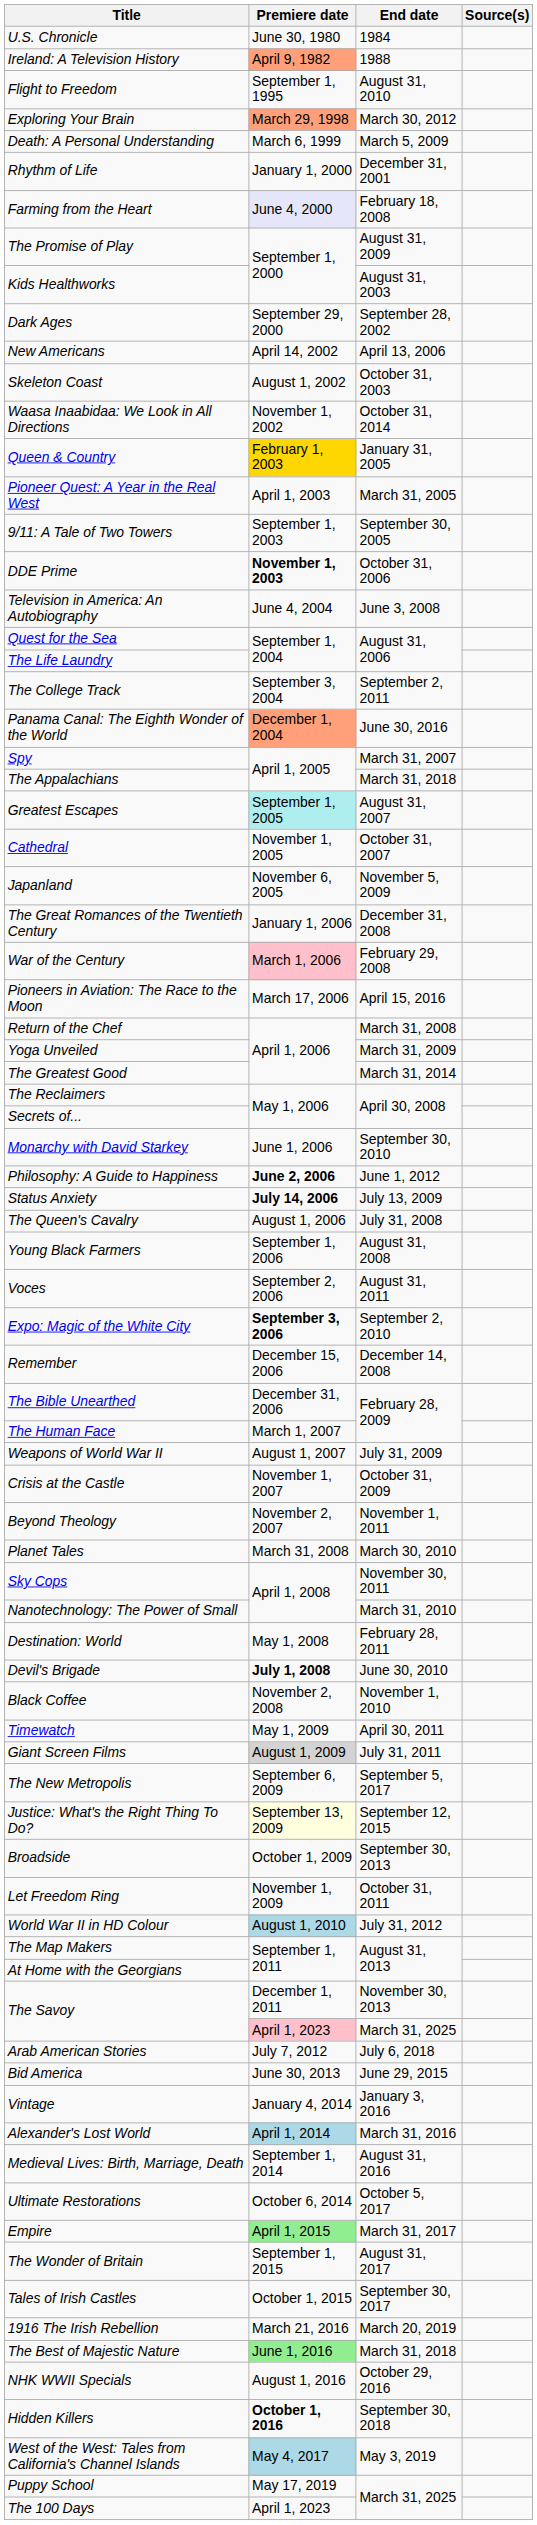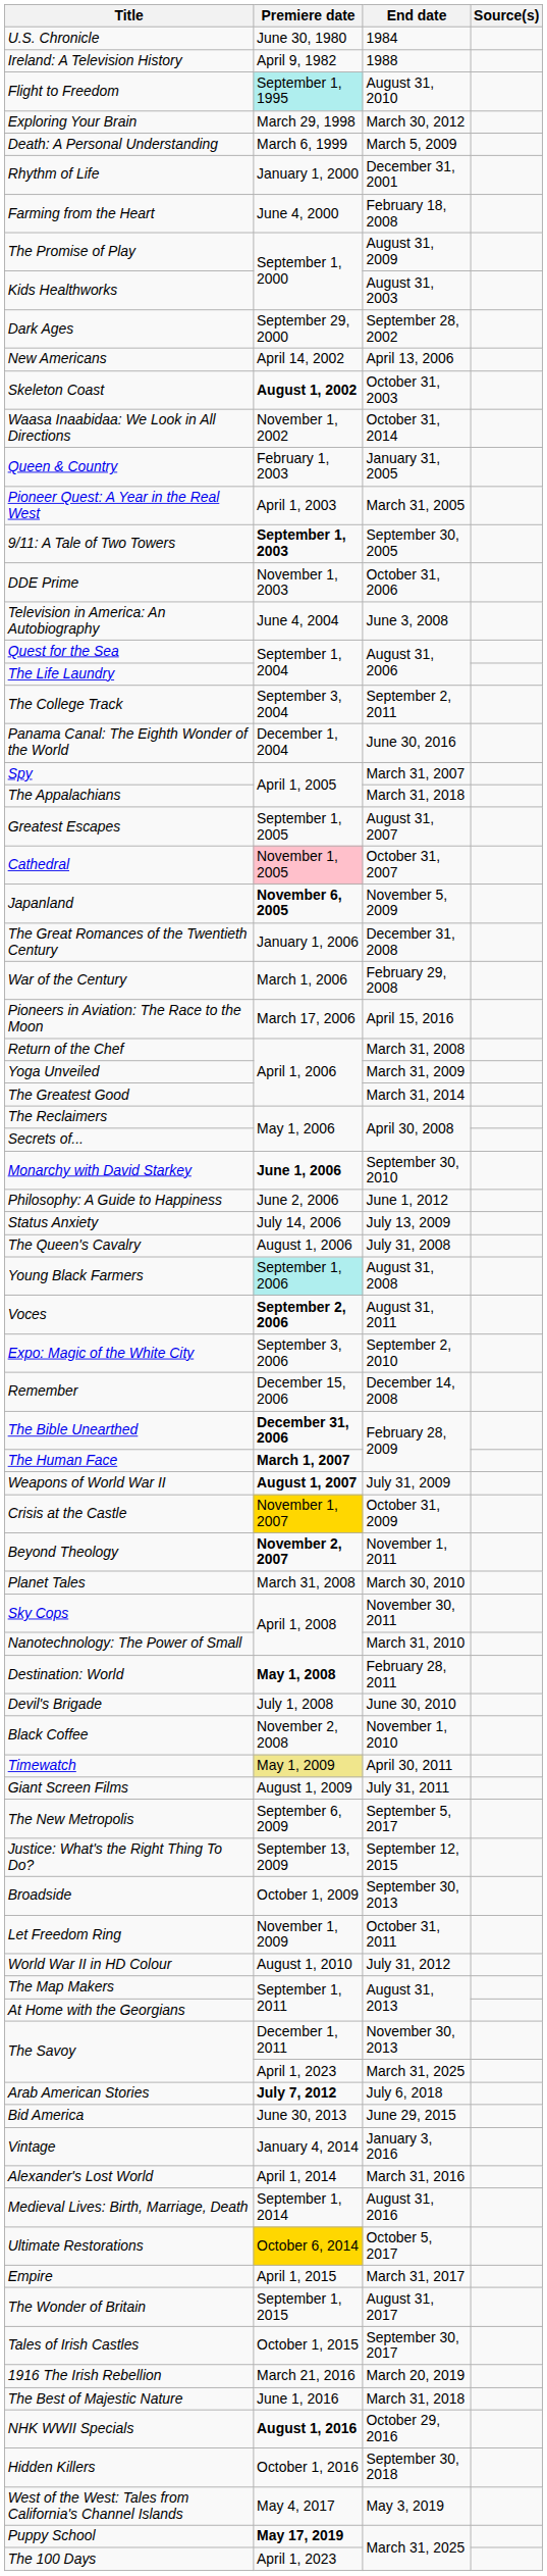 <table class="wikitable sortable">
 <tr>
 <th>Title</th>
 <th>Premiere date</th>
 <th>End date</th>
 <th>Source(s)</th>
 </tr>
 <tr>
 <td><em>U.S. Chronicle</em></td>
 <td>June 30, 1980</td>
 <td>1984</td>
 <td></td>
 </tr>
 <tr>
 <td><em>Ireland: A Television History</em></td>
-<td style="background: lightsalmon;">April 9, 1982</td>
+<td>April 9, 1982</td>
 <td>1988</td>
 <td></td>
 </tr>
 <tr>
 <td><em>Flight to Freedom</em></td>
-<td>September 1, 1995</td>
+<td style="background: paleturquoise;">September 1, 1995</td>
 <td>August 31, 2010</td>
 <td></td>
 </tr>
 <tr>
 <td><em>Exploring Your Brain</em></td>
-<td style="background: lightsalmon;">March 29, 1998</td>
+<td>March 29, 1998</td>
 <td>March 30, 2012</td>
 <td></td>
 </tr>
 <tr>
 <td><em>Death: A Personal Understanding</em></td>
 <td>March 6, 1999</td>
 <td>March 5, 2009</td>
 <td></td>
 </tr>
 <tr>
 <td><em>Rhythm of Life</em></td>
 <td>January 1, 2000</td>
 <td>December 31, 2001</td>
 <td></td>
 </tr>
 <tr>
 <td><em>Farming from the Heart</em></td>
-<td style="background: lavender;">June 4, 2000</td>
+<td>June 4, 2000</td>
 <td>February 18, 2008</td>
 <td></td>
 </tr>
 <tr>
 <td><em>The Promise of Play</em></td>
 <td rowspan="2">September 1, 2000</td>
 <td>August 31, 2009</td>
 <td></td>
 </tr>
 <tr>
 <td><em>Kids Healthworks</em></td>
 <td>August 31, 2003</td>
 <td></td>
 </tr>
 <tr>
 <td><em>Dark Ages</em></td>
 <td>September 29, 2000</td>
 <td>September 28, 2002</td>
 <td></td>
 </tr>
 <tr>
 <td><em>New Americans</em></td>
 <td>April 14, 2002</td>
 <td>April 13, 2006</td>
 <td></td>
 </tr>
 <tr>
 <td><em>Skeleton Coast</em></td>
-<td>August 1, 2002</td>
+<td><strong>August 1, 2002</strong></td>
 <td>October 31, 2003</td>
 <td></td>
 </tr>
 <tr>
 <td><em>Waasa Inaabidaa: We Look in All Directions</em></td>
 <td>November 1, 2002</td>
 <td>October 31, 2014</td>
 <td></td>
 </tr>
 <tr>
 <td><em><a href='#'>Queen & Country</a></em></td>
-<td style="background: gold;">February 1, 2003</td>
+<td>February 1, 2003</td>
 <td>January 31, 2005</td>
 <td></td>
 </tr>
 <tr>
 <td><em><a href='#'>Pioneer Quest: A Year in the Real West</a></em></td>
 <td>April 1, 2003</td>
 <td>March 31, 2005</td>
 <td></td>
 </tr>
 <tr>
 <td><em>9/11: A Tale of Two Towers</em></td>
-<td>September 1, 2003</td>
+<td><strong>September 1, 2003</strong></td>
 <td>September 30, 2005</td>
 <td></td>
 </tr>
 <tr>
 <td><em>DDE Prime</em></td>
-<td><strong>November 1, 2003</strong></td>
+<td>November 1, 2003</td>
 <td>October 31, 2006</td>
 <td></td>
 </tr>
 <tr>
 <td><em>Television in America: An Autobiography</em></td>
 <td>June 4, 2004</td>
 <td>June 3, 2008</td>
 <td></td>
 </tr>
 <tr>
 <td><em><a href='#'>Quest for the Sea</a></em></td>
 <td rowspan="2">September 1, 2004</td>
 <td rowspan="2">August 31, 2006</td>
 <td></td>
 </tr>
 <tr>
 <td><em><a href='#'>The Life Laundry</a></em></td>
 <td></td>
 </tr>
 <tr>
 <td><em>The College Track</em></td>
 <td>September 3, 2004</td>
 <td>September 2, 2011</td>
 <td></td>
 </tr>
 <tr>
 <td><em>Panama Canal: The Eighth Wonder of the World</em></td>
-<td style="background: lightsalmon;">December 1, 2004</td>
+<td>December 1, 2004</td>
 <td>June 30, 2016</td>
 <td></td>
 </tr>
 <tr>
 <td><em><a href='#'>Spy</a></em></td>
 <td rowspan="2">April 1, 2005</td>
 <td>March 31, 2007</td>
 <td></td>
 </tr>
 <tr>
 <td><em>The Appalachians</em></td>
 <td>March 31, 2018</td>
 <td></td>
 </tr>
 <tr>
 <td><em>Greatest Escapes</em></td>
-<td style="background: paleturquoise;">September 1, 2005</td>
+<td>September 1, 2005</td>
 <td>August 31, 2007</td>
 <td></td>
 </tr>
 <tr>
 <td><em><a href='#'>Cathedral</a></em></td>
-<td>November 1, 2005</td>
+<td style="background: pink;">November 1, 2005</td>
 <td>October 31, 2007</td>
 <td></td>
 </tr>
 <tr>
 <td><em>Japanland</em></td>
-<td>November 6, 2005</td>
+<td><strong>November 6, 2005</strong></td>
 <td>November 5, 2009</td>
 <td></td>
 </tr>
 <tr>
 <td><em>The Great Romances of the Twentieth Century</em></td>
 <td>January 1, 2006</td>
 <td>December 31, 2008</td>
 <td></td>
 </tr>
 <tr>
 <td><em>War of the Century</em></td>
-<td style="background: pink;">March 1, 2006</td>
+<td>March 1, 2006</td>
 <td>February 29, 2008</td>
 <td></td>
 </tr>
 <tr>
 <td><em>Pioneers in Aviation: The Race to the Moon</em></td>
 <td>March 17, 2006</td>
 <td>April 15, 2016</td>
 <td></td>
 </tr>
 <tr>
 <td><em>Return of the Chef</em></td>
 <td rowspan="3">April 1, 2006</td>
 <td>March 31, 2008</td>
 <td></td>
 </tr>
 <tr>
 <td><em>Yoga Unveiled</em></td>
 <td>March 31, 2009</td>
 <td></td>
 </tr>
 <tr>
 <td><em>The Greatest Good</em></td>
 <td>March 31, 2014</td>
 <td></td>
 </tr>
 <tr>
 <td><em>The Reclaimers</em></td>
 <td rowspan="2">May 1, 2006</td>
 <td rowspan=2>April 30, 2008</td>
 <td></td>
 </tr>
 <tr>
 <td><em>Secrets of...</em></td>
 <td></td>
 </tr>
 <tr>
 <td><em><a href='#'>Monarchy with David Starkey</a></em></td>
-<td>June 1, 2006</td>
+<td><strong>June 1, 2006</strong></td>
 <td>September 30, 2010</td>
 <td></td>
 </tr>
 <tr>
 <td><em>Philosophy: A Guide to Happiness</em></td>
-<td><strong>June 2, 2006</strong></td>
+<td>June 2, 2006</td>
 <td>June 1, 2012</td>
 <td></td>
 </tr>
 <tr>
 <td><em>Status Anxiety</em></td>
-<td><strong>July 14, 2006</strong></td>
+<td>July 14, 2006</td>
 <td>July 13, 2009</td>
 <td></td>
 </tr>
 <tr>
 <td><em>The Queen's Cavalry</em></td>
 <td>August 1, 2006</td>
 <td>July 31, 2008</td>
 <td></td>
 </tr>
 <tr>
 <td><em>Young Black Farmers</em></td>
-<td>September 1, 2006</td>
+<td style="background: paleturquoise;">September 1, 2006</td>
 <td>August 31, 2008</td>
 <td></td>
 </tr>
 <tr>
 <td><em>Voces</em></td>
-<td>September 2, 2006</td>
+<td><strong>September 2, 2006</strong></td>
 <td>August 31, 2011</td>
 <td></td>
 </tr>
 <tr>
 <td><em><a href='#'>Expo: Magic of the White City</a></em></td>
-<td><strong>September 3, 2006</strong></td>
+<td>September 3, 2006</td>
 <td>September 2, 2010</td>
 <td></td>
 </tr>
 <tr>
 <td><em>Remember</em></td>
 <td>December 15, 2006</td>
 <td>December 14, 2008</td>
 <td></td>
 </tr>
 <tr>
 <td><em><a href='#'>The Bible Unearthed</a></em></td>
-<td>December 31, 2006</td>
+<td><strong>December 31, 2006</strong></td>
 <td rowspan=2>February 28, 2009</td>
 <td></td>
 </tr>
 <tr>
 <td><em><a href='#'>The Human Face</a></em></td>
-<td>March 1, 2007</td>
+<td><strong>March 1, 2007</strong></td>
 <td></td>
 </tr>
 <tr>
 <td><em>Weapons of World War II</em></td>
-<td>August 1, 2007</td>
+<td><strong>August 1, 2007</strong></td>
 <td>July 31, 2009</td>
 <td></td>
 </tr>
 <tr>
 <td><em>Crisis at the Castle</em></td>
-<td>November 1, 2007</td>
+<td style="background: gold;">November 1, 2007</td>
 <td>October 31, 2009</td>
 <td></td>
 </tr>
 <tr>
 <td><em>Beyond Theology</em></td>
-<td>November 2, 2007</td>
+<td><strong>November 2, 2007</strong></td>
 <td>November 1, 2011</td>
 <td></td>
 </tr>
 <tr>
 <td><em>Planet Tales</em></td>
 <td>March 31, 2008</td>
 <td>March 30, 2010</td>
 <td></td>
 </tr>
 <tr>
 <td><em><a href='#'>Sky Cops</a></em></td>
 <td rowspan="2">April 1, 2008</td>
 <td>November 30, 2011</td>
 <td></td>
 </tr>
 <tr>
 <td><em>Nanotechnology: The Power of Small</em></td>
 <td>March 31, 2010</td>
 <td></td>
 </tr>
 <tr>
 <td><em>Destination: World</em></td>
-<td>May 1, 2008</td>
+<td><strong>May 1, 2008</strong></td>
 <td>February 28, 2011</td>
 <td></td>
 </tr>
 <tr>
 <td><em>Devil's Brigade</em></td>
-<td><strong>July 1, 2008</strong></td>
+<td>July 1, 2008</td>
 <td>June 30, 2010</td>
 <td></td>
 </tr>
 <tr>
 <td><em>Black Coffee</em></td>
 <td>November 2, 2008</td>
 <td>November 1, 2010</td>
 <td></td>
 </tr>
 <tr>
 <td><em><a href='#'>Timewatch</a></em></td>
-<td>May 1, 2009</td>
+<td style="background: khaki;">May 1, 2009</td>
 <td>April 30, 2011</td>
 <td></td>
 </tr>
 <tr>
 <td><em>Giant Screen Films</em></td>
-<td style="background: lightgrey;">August 1, 2009</td>
+<td>August 1, 2009</td>
 <td>July 31, 2011</td>
 <td></td>
 </tr>
 <tr>
 <td><em>The New Metropolis</em></td>
 <td>September 6, 2009</td>
 <td>September 5, 2017</td>
 <td></td>
 </tr>
 <tr>
 <td><em>Justice: What's the Right Thing To Do?</em></td>
-<td style="background: lightyellow;">September 13, 2009</td>
+<td>September 13, 2009</td>
 <td>September 12, 2015</td>
 <td></td>
 </tr>
 <tr>
 <td><em>Broadside</em></td>
 <td>October 1, 2009</td>
 <td>September 30, 2013</td>
 <td></td>
 </tr>
 <tr>
 <td><em>Let Freedom Ring</em></td>
 <td>November 1, 2009</td>
 <td>October 31, 2011</td>
 <td></td>
 </tr>
 <tr>
 <td><em>World War II in HD Colour</em></td>
-<td style="background: lightblue;">August 1, 2010</td>
+<td>August 1, 2010</td>
 <td>July 31, 2012</td>
 <td></td>
 </tr>
 <tr>
 <td><em>The Map Makers</em></td>
 <td rowspan="2">September 1, 2011</td>
 <td rowspan="2">August 31, 2013</td>
 <td></td>
 </tr>
 <tr>
 <td><em>At Home with the Georgians</em></td>
 <td></td>
 </tr>
 <tr>
 <td rowspan="2"><em>The Savoy</em></td>
 <td>December 1, 2011</td>
 <td>November 30, 2013</td>
 <td></td>
 </tr>
 <tr>
-<td style="background: pink;">April 1, 2023</td>
+<td>April 1, 2023</td>
 <td>March 31, 2025</td>
 <td></td>
 </tr>
 <tr>
 <td><em>Arab American Stories</em></td>
-<td>July 7, 2012</td>
+<td><strong>July 7, 2012</strong></td>
 <td>July 6, 2018</td>
 <td></td>
 </tr>
 <tr>
 <td><em>Bid America</em></td>
 <td>June 30, 2013</td>
 <td>June 29, 2015</td>
 <td></td>
 </tr>
 <tr>
 <td><em>Vintage</em></td>
 <td>January 4, 2014</td>
 <td>January 3, 2016</td>
 <td></td>
 </tr>
 <tr>
 <td><em>Alexander's Lost World</em></td>
-<td style="background: lightblue;">April 1, 2014</td>
+<td>April 1, 2014</td>
 <td>March 31, 2016</td>
 <td></td>
 </tr>
 <tr>
 <td><em>Medieval Lives: Birth, Marriage, Death</em></td>
 <td>September 1, 2014</td>
 <td>August 31, 2016</td>
 <td></td>
 </tr>
 <tr>
 <td><em>Ultimate Restorations</em></td>
-<td>October 6, 2014</td>
+<td style="background: gold;">October 6, 2014</td>
 <td>October 5, 2017</td>
 <td></td>
 </tr>
 <tr>
 <td><em>Empire</em></td>
-<td style="background: lightgreen;">April 1, 2015</td>
+<td>April 1, 2015</td>
 <td>March 31, 2017</td>
 <td></td>
 </tr>
 <tr>
 <td><em>The Wonder of Britain</em></td>
 <td>September 1, 2015</td>
 <td>August 31, 2017</td>
 <td></td>
 </tr>
 <tr>
 <td><em>Tales of Irish Castles</em></td>
 <td>October 1, 2015</td>
 <td>September 30, 2017</td>
 <td></td>
 </tr>
 <tr>
 <td><em>1916 The Irish Rebellion</em></td>
 <td>March 21, 2016</td>
 <td>March 20, 2019</td>
 <td></td>
 </tr>
 <tr>
 <td><em>The Best of Majestic Nature</em></td>
-<td style="background: lightgreen;">June 1, 2016</td>
+<td>June 1, 2016</td>
 <td>March 31, 2018</td>
 <td></td>
 </tr>
 <tr>
 <td><em>NHK WWII Specials</em></td>
-<td>August 1, 2016</td>
+<td><strong>August 1, 2016</strong></td>
 <td>October 29, 2016</td>
 <td></td>
 </tr>
 <tr>
 <td><em>Hidden Killers</em></td>
-<td><strong>October 1, 2016</strong></td>
+<td>October 1, 2016</td>
 <td>September 30, 2018</td>
 <td></td>
 </tr>
 <tr>
 <td><em>West of the West: Tales from California's Channel Islands</em></td>
-<td style="background: lightblue;">May 4, 2017</td>
+<td>May 4, 2017</td>
 <td>May 3, 2019</td>
 <td></td>
 </tr>
 <tr>
 <td><em>Puppy School</em></td>
-<td>May 17, 2019</td>
+<td><strong>May 17, 2019</strong></td>
 <td rowspan="2">March 31, 2025</td>
 <td></td>
 </tr>
 <tr>
 <td><em>The 100 Days</em></td>
 <td>April 1, 2023</td>
 <td></td>
 </tr>
 </table>
